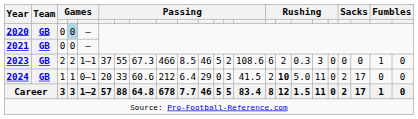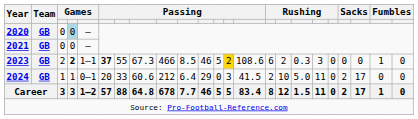 <table class="wikitable" style="text-align:center;">
 <tr>
 <th rowspan="2">Year</th>
 <th rowspan="2">Team</th>
 <th colspan="3">Games</th>
 <th colspan="9">Passing</th>
 <th colspan="5">Rushing</th>
 <th colspan="2">Sacks</th>
 <th colspan="2">Fumbles</th>
 </tr>
 <tr>
 <th></th>
 <th></th>
 <th></th>
 <th></th>
 <th></th>
 <th></th>
 <th></th>
 <th></th>
 <th></th>
 <th></th>
 <th></th>
 <th></th>
 <th></th>
 <th></th>
 <th></th>
 <th></th>
 <th></th>
 <th></th>
 <th></th>
 <th></th>
 <th></th>
 </tr>
 <tr>
 <th><a href='#'>2020</a></th>
 <th><a href='#'>GB</a></th>
 <td>0</td>
 <td style="background: lightblue;">0</td>
 <td>—</td>
 <td colspan="18"; rowspan="2"></td>
 </tr>
 <tr>
 <th><a href='#'>2021</a></th>
 <th><a href='#'>GB</a></th>
 <td>0</td>
 <td>0</td>
 <td>—</td>
 </tr>
 <tr>
 <th><a href='#'>2023</a></th>
 <th><a href='#'>GB</a></th>
 <td>2</td>
-<td>2</td>
+<td><strong>2</strong></td>
 <td>1–1</td>
-<td>37</td>
+<td><strong>37</strong></td>
 <td>55</td>
 <td>67.3</td>
 <td>466</td>
 <td>8.5</td>
 <td>46</td>
 <td>5</td>
-<td>2</td>
+<td style="background: gold;">2</td>
 <td>108.6</td>
 <td>6</td>
 <td>2</td>
 <td>0.3</td>
 <td>3</td>
 <td>0</td>
 <td>0</td>
 <td>0</td>
 <td>1</td>
 <td>0</td>
 </tr>
 <tr>
 <th><a href='#'>2024</a></th>
 <th><a href='#'>GB</a></th>
 <td>1</td>
 <td>1</td>
 <td>0–1</td>
 <td>20</td>
 <td>33</td>
 <td>60.6</td>
 <td>212</td>
 <td>6.4</td>
 <td>29</td>
 <td>0</td>
 <td>3</td>
 <td>41.5</td>
 <td>2</td>
-<td><strong>10</strong></td>
+<td>10</td>
 <td>5.0</td>
 <td>11</td>
 <td>0</td>
 <td>2</td>
 <td>17</td>
 <td>0</td>
 <td>0</td>
 </tr>
 <tr>
 <th colspan="2">Career</th>
 <th>3</th>
 <th>3</th>
 <th>1–2</th>
 <th>57</th>
 <th>88</th>
 <th>64.8</th>
 <th>678</th>
 <th>7.7</th>
 <th>46</th>
 <th>5</th>
 <th>5</th>
 <th>83.4</th>
 <th>8</th>
 <th>12</th>
 <th>1.5</th>
 <th>11</th>
 <th>0</th>
 <th>2</th>
 <th>17</th>
 <th>1</th>
 <th>0</th>
 </tr>
 <tr>
 <td colspan="23"><small>Source: <a href='#'>Pro-Football-Reference.com</a></small></td>
 </tr>
 </table>
